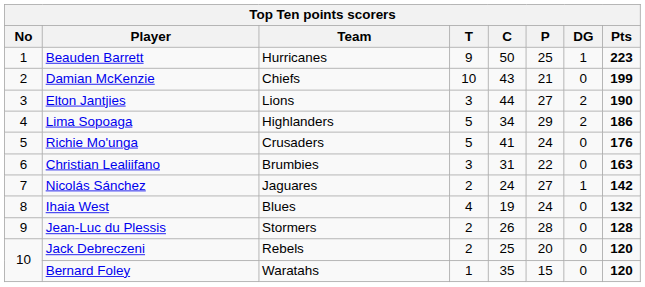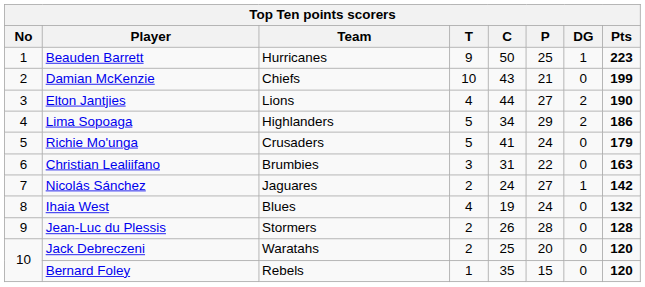 <table class="wikitable collapsible sortable" style="text-align:center; width:60%;">
 <tr>
 <th colspan="100%">Top Ten points scorers</th>
 </tr>
 <tr>
 <th style="width:6%;">No</th>
 <th style="width:34%;">Player</th>
 <th style="width:30%;">Team</th>
 <th style="width:6%;">T</th>
 <th style="width:6%;">C</th>
 <th style="width:6%;">P</th>
 <th style="width:6%;">DG</th>
 <th style="width:6%;">Pts<br></th>
 </tr>
 <tr>
 <td>1</td>
 <td style="text-align:left;"><a href='#'>Beauden Barrett</a></td>
 <td style="text-align:left;">Hurricanes</td>
 <td>9</td>
 <td>50</td>
 <td>25</td>
 <td>1</td>
 <td><strong>223</strong></td>
 </tr>
 <tr>
 <td>2</td>
 <td style="text-align:left;"><a href='#'>Damian McKenzie</a></td>
 <td style="text-align:left;">Chiefs</td>
 <td>10</td>
 <td>43</td>
 <td>21</td>
 <td>0</td>
 <td><strong>199</strong></td>
 </tr>
 <tr>
 <td>3</td>
 <td style="text-align:left;"><a href='#'>Elton Jantjies</a></td>
 <td style="text-align:left;">Lions</td>
-<td>3</td>
+<td>4</td>
 <td>44</td>
 <td>27</td>
 <td>2</td>
 <td><strong>190</strong></td>
 </tr>
 <tr>
 <td>4</td>
 <td style="text-align:left;"><a href='#'>Lima Sopoaga</a></td>
 <td style="text-align:left;">Highlanders</td>
 <td>5</td>
 <td>34</td>
 <td>29</td>
 <td>2</td>
 <td><strong>186</strong></td>
 </tr>
 <tr>
 <td>5</td>
 <td style="text-align:left;"><a href='#'>Richie Mo'unga</a></td>
 <td style="text-align:left;">Crusaders</td>
 <td>5</td>
 <td>41</td>
 <td>24</td>
 <td>0</td>
-<td><strong>176</strong></td>
+<td><strong>179</strong></td>
 </tr>
 <tr>
 <td>6</td>
 <td style="text-align:left;"><a href='#'>Christian Lealiifano</a></td>
 <td style="text-align:left;">Brumbies</td>
 <td>3</td>
 <td>31</td>
 <td>22</td>
 <td>0</td>
 <td><strong>163</strong></td>
 </tr>
 <tr>
 <td>7</td>
 <td style="text-align:left;"><a href='#'>Nicolás Sánchez</a></td>
 <td style="text-align:left;">Jaguares</td>
 <td>2</td>
 <td>24</td>
 <td>27</td>
 <td>1</td>
 <td><strong>142</strong></td>
 </tr>
 <tr>
 <td>8</td>
 <td style="text-align:left;"><a href='#'>Ihaia West</a></td>
 <td style="text-align:left;">Blues</td>
 <td>4</td>
 <td>19</td>
 <td>24</td>
 <td>0</td>
 <td><strong>132</strong></td>
 </tr>
 <tr>
 <td>9</td>
 <td style="text-align:left;"><a href='#'>Jean-Luc du Plessis</a></td>
 <td style="text-align:left;">Stormers</td>
 <td>2</td>
 <td>26</td>
 <td>28</td>
 <td>0</td>
 <td><strong>128</strong></td>
 </tr>
 <tr>
 <td rowspan=2>10</td>
 <td style="text-align:left;"><a href='#'>Jack Debreczeni</a></td>
-<td style="text-align:left;">Rebels</td>
+<td style="text-align:left;">Waratahs</td>
 <td>2</td>
 <td>25</td>
 <td>20</td>
 <td>0</td>
 <td><strong>120</strong></td>
 </tr>
 <tr>
 <td style="text-align:left;"><a href='#'>Bernard Foley</a></td>
-<td style="text-align:left;">Waratahs</td>
+<td style="text-align:left;">Rebels</td>
 <td>1</td>
 <td>35</td>
 <td>15</td>
 <td>0</td>
 <td><strong>120</strong></td>
 </tr>
 </table>
